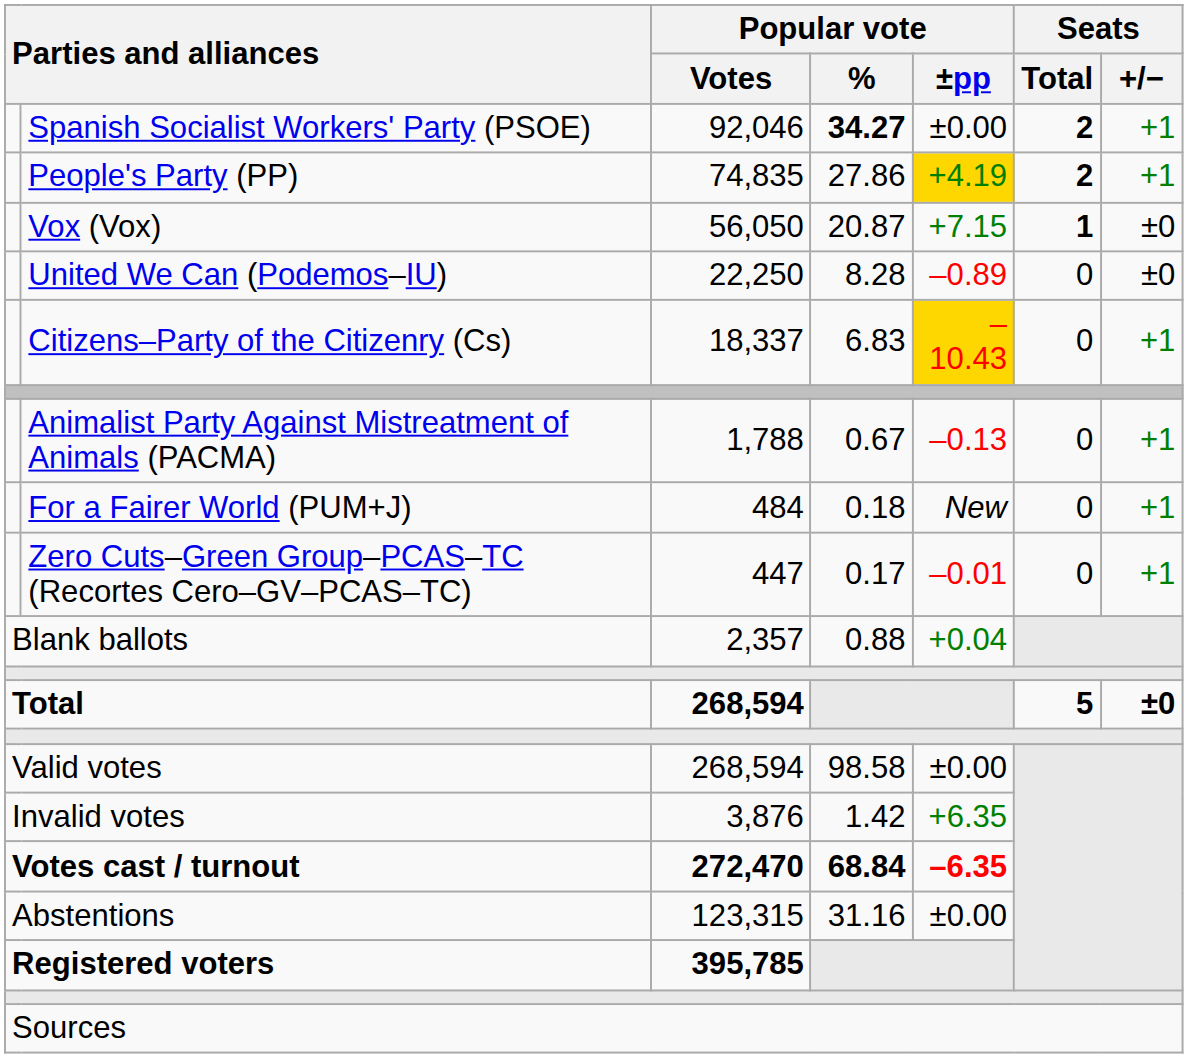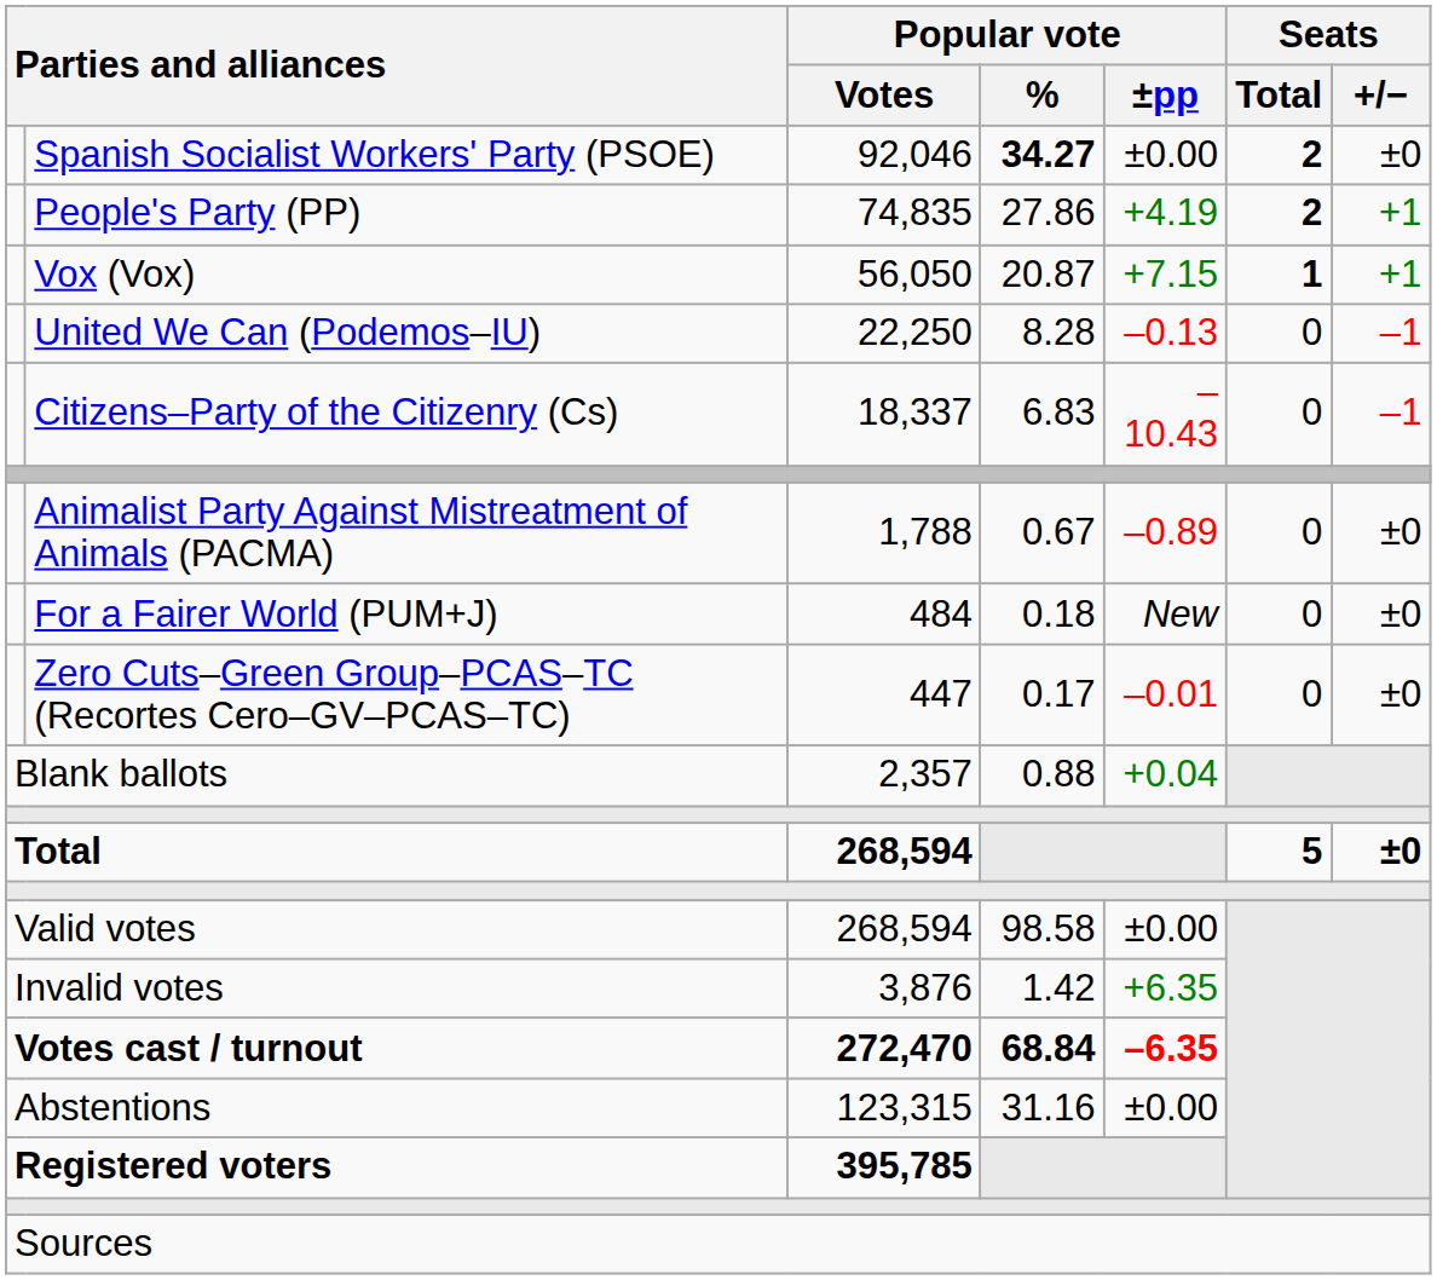 <table class="wikitable" style="text-align:right;">
 <tr>
 <th style="text-align:left;" rowspan="2" colspan="2" width="525">Parties and alliances</th>
 <th colspan="3">Popular vote</th>
 <th colspan="2">Seats</th>
 </tr>
 <tr>
 <th width="75">Votes</th>
 <th width="45">%</th>
 <th width="45">±<a href='#'>pp</a></th>
 <th width="35">Total</th>
 <th width="35">+/−</th>
 </tr>
 <tr>
 <td width="1" style="color:inherit;background:"></td>
 <td align="left"><a href='#'>Spanish Socialist Workers' Party</a> (PSOE)</td>
 <td>92,046</td>
 <td><strong>34.27</strong></td>
 <td>±0.00</td>
 <td><strong>2</strong></td>
-<td style="color:green;">+1</td>
+<td>±0</td>
 </tr>
 <tr>
 <td style="color:inherit;background:"></td>
 <td align="left"><a href='#'>People's Party</a> (PP)</td>
 <td>74,835</td>
 <td>27.86</td>
-<td style="background: gold; color:green;">+4.19</td>
+<td style="color:green;">+4.19</td>
 <td><strong>2</strong></td>
 <td style="color:green;">+1</td>
 </tr>
 <tr>
 <td style="color:inherit;background:"></td>
 <td align="left"><a href='#'>Vox</a> (Vox)</td>
 <td>56,050</td>
 <td>20.87</td>
 <td style="color:green;">+7.15</td>
 <td><strong>1</strong></td>
-<td>±0</td>
+<td style="color:green;">+1</td>
 </tr>
 <tr>
 <td style="color:inherit;background:"></td>
 <td align="left"><a href='#'>United We Can</a> (<a href='#'>Podemos</a>–<a href='#'>IU</a>)</td>
 <td>22,250</td>
 <td>8.28</td>
-<td style="color:red;">–0.89</td>
+<td style="color:red;">–0.13</td>
 <td>0</td>
-<td>±0</td>
+<td style="color:red;">–1</td>
 </tr>
 <tr>
 <td style="color:inherit;background:"></td>
 <td align="left"><a href='#'>Citizens–Party of the Citizenry</a> (Cs)</td>
 <td>18,337</td>
 <td>6.83</td>
-<td style="background: gold; color:red;">–10.43</td>
+<td style="color:red;">–10.43</td>
 <td>0</td>
-<td style="color:green;">+1</td>
+<td style="color:red;">–1</td>
 </tr>
 <tr>
 <td colspan="7" bgcolor="#C0C0C0"></td>
 </tr>
 <tr>
 <td style="color:inherit;background:"></td>
 <td align="left"><a href='#'>Animalist Party Against Mistreatment of Animals</a> (PACMA)</td>
 <td>1,788</td>
 <td>0.67</td>
-<td style="color:red;">–0.13</td>
+<td style="color:red;">–0.89</td>
 <td>0</td>
-<td style="color:green;">+1</td>
+<td>±0</td>
 </tr>
 <tr>
 <td style="color:inherit;background:"></td>
 <td align="left"><a href='#'>For a Fairer World</a> (PUM+J)</td>
 <td>484</td>
 <td>0.18</td>
 <td><em>New</em></td>
 <td>0</td>
-<td style="color:green;">+1</td>
+<td>±0</td>
 </tr>
 <tr>
 <td style="color:inherit;background:"></td>
 <td align="left"><a href='#'>Zero Cuts</a>–<a href='#'>Green Group</a>–<a href='#'>PCAS</a>–<a href='#'>TC</a> (Recortes Cero–GV–PCAS–TC)</td>
 <td>447</td>
 <td>0.17</td>
 <td style="color:red;">–0.01</td>
 <td>0</td>
-<td style="color:green;">+1</td>
+<td>±0</td>
 </tr>
 <tr>
 <td align="left" colspan="2">Blank ballots</td>
 <td>2,357</td>
 <td>0.88</td>
 <td style="color:green;">+0.04</td>
 <td bgcolor="#E9E9E9" colspan="2"></td>
 </tr>
 <tr>
 <td colspan="7" bgcolor="#E9E9E9"></td>
 </tr>
 <tr style="font-weight:bold;">
 <td align="left" colspan="2">Total</td>
 <td>268,594</td>
 <td bgcolor="#E9E9E9" colspan="2"></td>
 <td>5</td>
 <td>±0</td>
 </tr>
 <tr>
 <td colspan="7" bgcolor="#E9E9E9"></td>
 </tr>
 <tr>
 <td align="left" colspan="2">Valid votes</td>
 <td>268,594</td>
 <td>98.58</td>
 <td>±0.00</td>
 <td bgcolor="#E9E9E9" colspan="2" rowspan="5"></td>
 </tr>
 <tr>
 <td align="left" colspan="2">Invalid votes</td>
 <td>3,876</td>
 <td>1.42</td>
 <td style="color:green;">+6.35</td>
 </tr>
 <tr style="font-weight:bold;">
 <td align="left" colspan="2">Votes cast / turnout</td>
 <td>272,470</td>
 <td>68.84</td>
 <td style="color:red;">–6.35</td>
 </tr>
 <tr>
 <td align="left" colspan="2">Abstentions</td>
 <td>123,315</td>
 <td>31.16</td>
 <td>±0.00</td>
 </tr>
 <tr style="font-weight:bold;">
 <td align="left" colspan="2">Registered voters</td>
 <td>395,785</td>
 <td bgcolor="#E9E9E9" colspan="2"></td>
 </tr>
 <tr>
 <td colspan="7" bgcolor="#E9E9E9"></td>
 </tr>
 <tr>
 <td align="left" colspan="7">Sources</td>
 </tr>
 </table>
